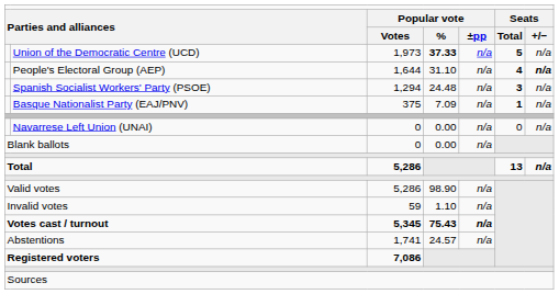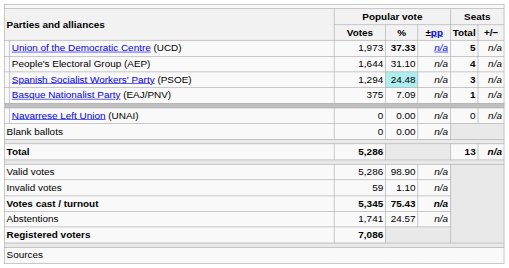 <table class="wikitable" style="text-align:right;">
 <tr>
 <td colspan="7"></td>
 </tr>
 <tr>
 <th style="text-align:left;" rowspan="2" colspan="2" width="525">Parties and alliances</th>
 <th colspan="3">Popular vote</th>
 <th colspan="2">Seats</th>
 </tr>
 <tr>
 <th width="75">Votes</th>
 <th width="45">%</th>
 <th width="45">±<a href='#'>pp</a></th>
 <th width="35">Total</th>
 <th width="35">+/−</th>
 </tr>
 <tr>
 <td width="1" style="color:inherit;background:"></td>
 <td align="left"><a href='#'>Union of the Democratic Centre</a> (UCD)</td>
 <td>1,973</td>
 <td><strong>37.33</strong></td>
 <td><em><a href='#'>n/a</a></em></td>
 <td><strong>5</strong></td>
 <td><em>n/a</em></td>
 </tr>
 <tr>
 <td style="color:inherit;background:"></td>
 <td align="left">People's Electoral Group (AEP)</td>
 <td>1,644</td>
 <td>31.10</td>
 <td><em>n/a</em></td>
 <td><strong>4</strong></td>
-<td><strong><em>n/a</em></strong></td>
+<td><em>n/a</em></td>
 </tr>
 <tr>
 <td style="color:inherit;background:"></td>
 <td align="left"><a href='#'>Spanish Socialist Workers' Party</a> (PSOE)</td>
 <td>1,294</td>
-<td>24.48</td>
+<td style="background: paleturquoise;">24.48</td>
 <td><em>n/a</em></td>
 <td><strong>3</strong></td>
 <td><em>n/a</em></td>
 </tr>
 <tr>
 <td style="color:inherit;background:"></td>
 <td align="left"><a href='#'>Basque Nationalist Party</a> (EAJ/PNV)</td>
 <td>375</td>
 <td>7.09</td>
 <td><em>n/a</em></td>
 <td><strong>1</strong></td>
 <td><em>n/a</em></td>
 </tr>
 <tr>
 <td colspan="7" bgcolor="#C0C0C0"></td>
 </tr>
 <tr>
 <td style="color:inherit;background:"></td>
 <td align="left"><a href='#'>Navarrese Left Union</a> (UNAI)</td>
 <td>0</td>
 <td>0.00</td>
 <td><em>n/a</em></td>
 <td>0</td>
 <td><em>n/a</em></td>
 </tr>
 <tr>
 <td align="left" colspan="2">Blank ballots</td>
 <td>0</td>
 <td>0.00</td>
 <td><em>n/a</em></td>
 <td bgcolor="#E9E9E9" colspan="2"></td>
 </tr>
 <tr>
 <td colspan="7" bgcolor="#E9E9E9"></td>
 </tr>
 <tr style="font-weight:bold;">
 <td align="left" colspan="2">Total</td>
 <td>5,286</td>
 <td bgcolor="#E9E9E9" colspan="2"></td>
 <td>13</td>
 <td><em>n/a</em></td>
 </tr>
 <tr>
 <td colspan="7" bgcolor="#E9E9E9"></td>
 </tr>
 <tr>
 <td align="left" colspan="2">Valid votes</td>
 <td>5,286</td>
 <td>98.90</td>
 <td><em>n/a</em></td>
 <td bgcolor="#E9E9E9" colspan="2" rowspan="5"></td>
 </tr>
 <tr>
 <td align="left" colspan="2">Invalid votes</td>
 <td>59</td>
 <td>1.10</td>
 <td><em>n/a</em></td>
 </tr>
 <tr style="font-weight:bold;">
 <td align="left" colspan="2">Votes cast / turnout</td>
 <td>5,345</td>
 <td>75.43</td>
 <td><em>n/a</em></td>
 </tr>
 <tr>
 <td align="left" colspan="2">Abstentions</td>
 <td>1,741</td>
 <td>24.57</td>
 <td><em>n/a</em></td>
 </tr>
 <tr style="font-weight:bold;">
 <td align="left" colspan="2">Registered voters</td>
 <td>7,086</td>
 <td bgcolor="#E9E9E9" colspan="2"></td>
 </tr>
 <tr>
 <td colspan="7" bgcolor="#E9E9E9"></td>
 </tr>
 <tr>
 <td align="left" colspan="7">Sources</td>
 </tr>
 </table>
